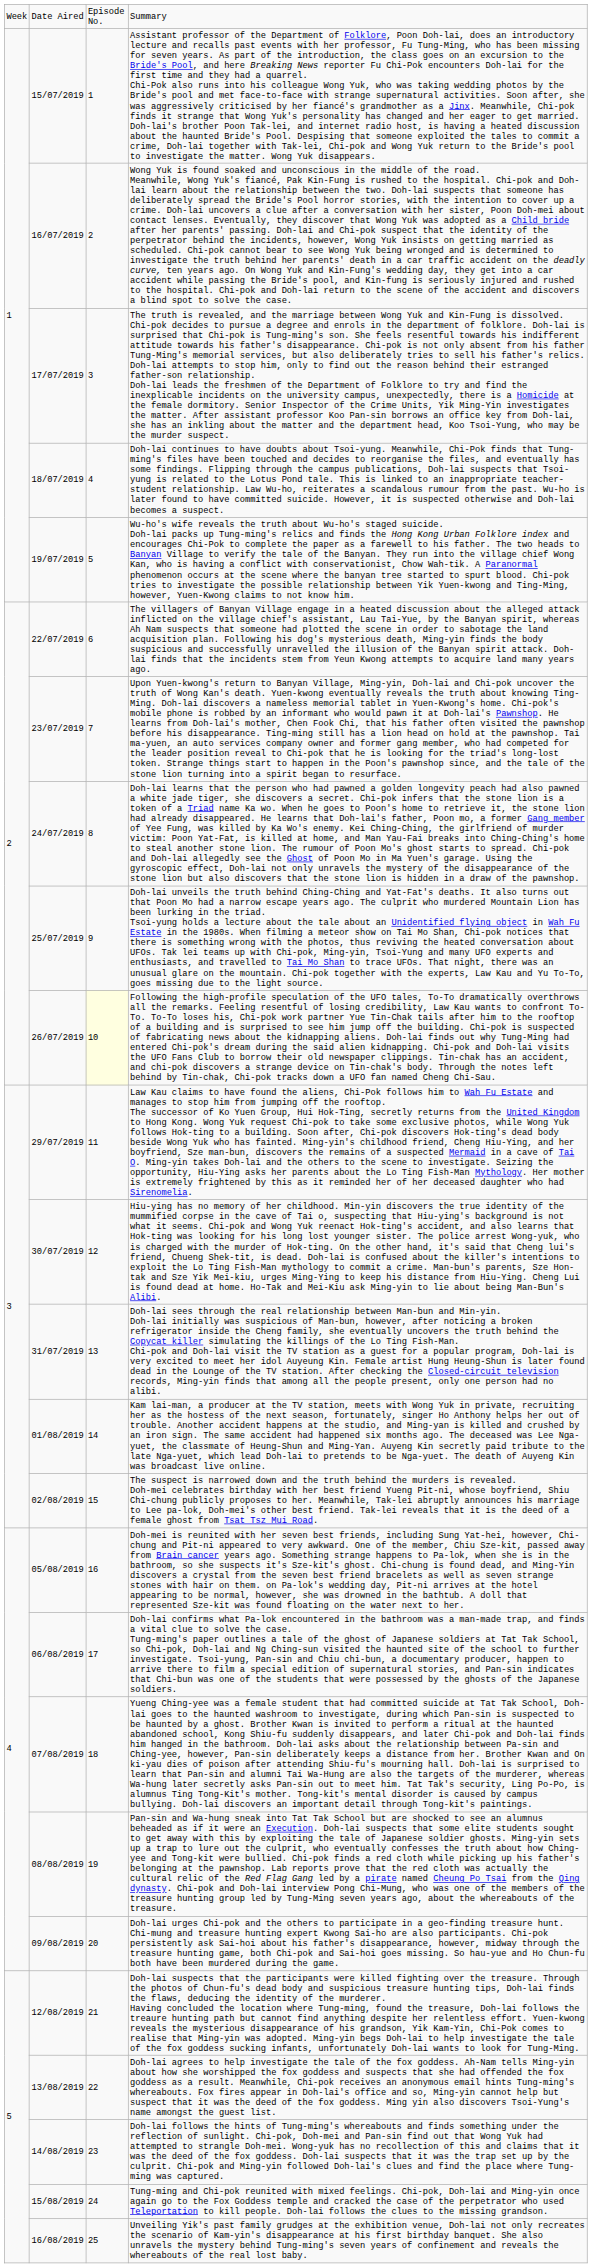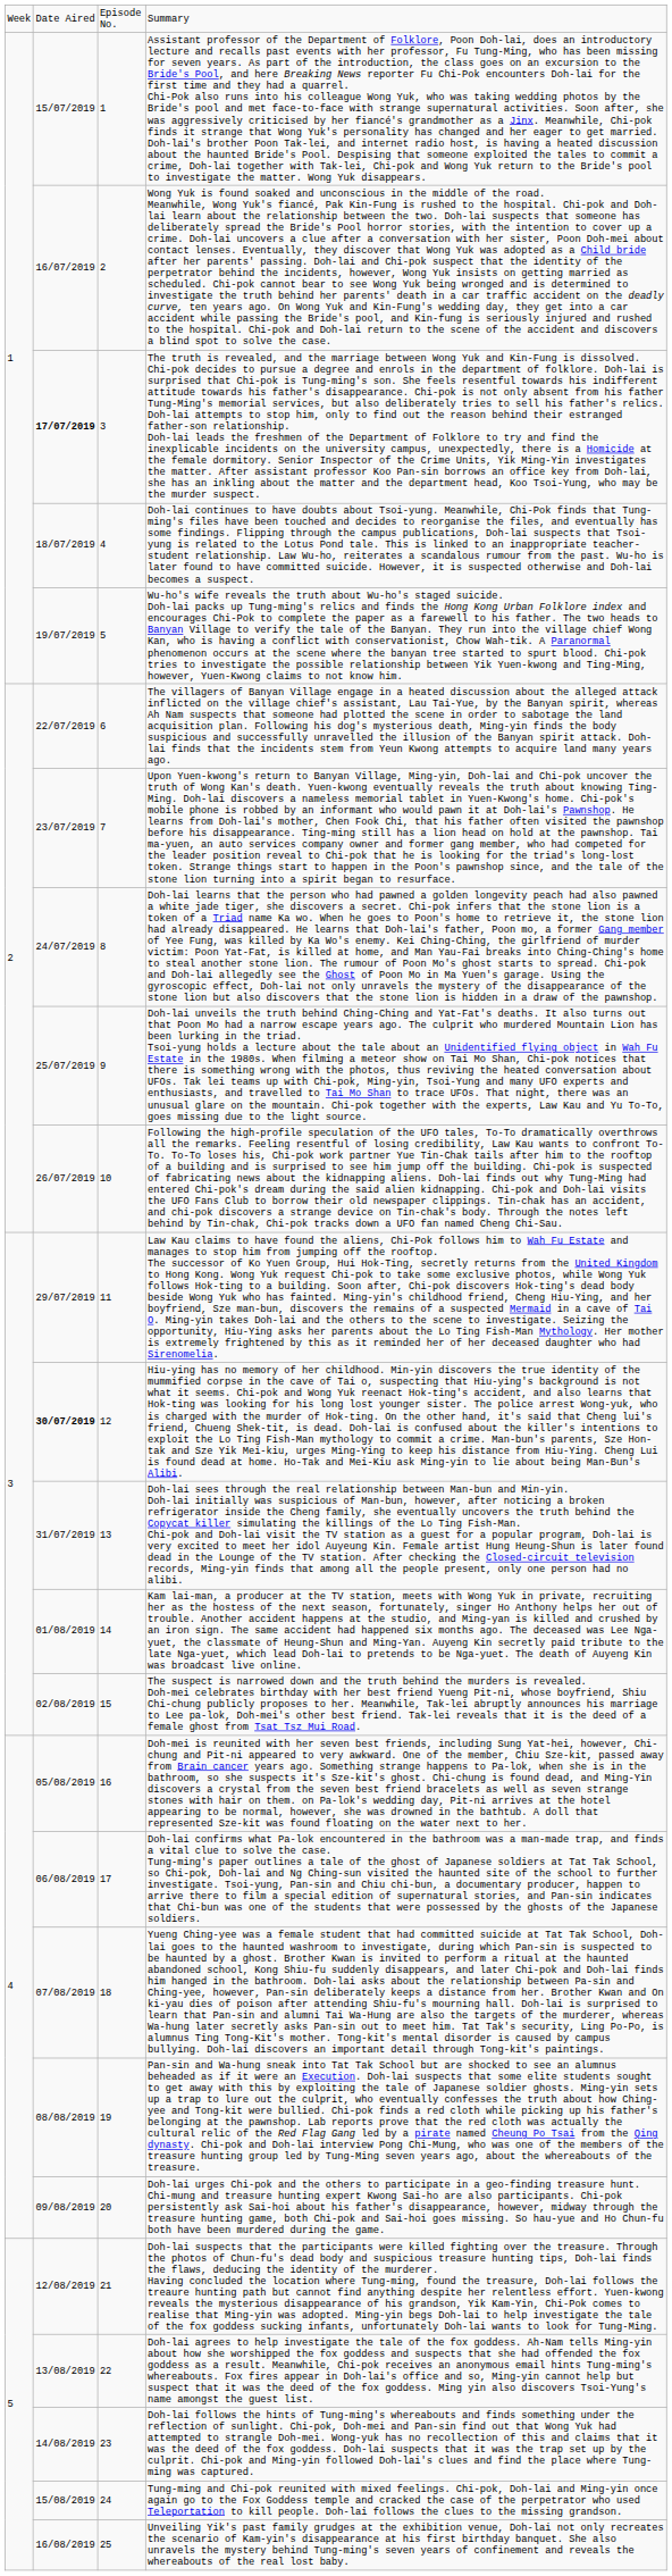 <table class="wikitable mw-collapsible">
 <tr>
 <td>Week</td>
 <td>Date Aired</td>
 <td>Episode No.</td>
 <td>Summary</td>
 </tr>
 <tr>
 <td rowspan="5">1</td>
 <td>15/07/2019</td>
 <td>1</td>
 <td>Assistant professor of the Department of <a href='#'>Folklore</a>, Poon Doh-lai, does an introductory lecture and recalls past events with her professor, Fu Tung-Ming, who has been missing for seven years. As part of the introduction, the class goes on an excursion to the <a href='#'>Bride's Pool</a>, and here <em>Breaking News</em> reporter Fu Chi-Pok encounters Doh-lai for the first time and they had a quarrel.<br>Chi-Pok also runs into his colleague Wong Yuk, who was taking wedding photos by the Bride's pool and met face-to-face with strange supernatural activities. Soon after, she was aggressively criticised by her fiancé's grandmother as a <a href='#'>Jinx</a>. Meanwhile, Chi-pok finds it strange that Wong Yuk's personality has changed and her eager to get married.  Doh-lai's brother Poon Tak-lei, and internet radio host, is having a heated discussion about the haunted Bride's Pool. Despising that someone exploited the tales to commit a crime, Doh-lai together with Tak-lei, Chi-pok and Wong Yuk return to the Bride's pool to investigate the matter. Wong Yuk disappears.</td>
 </tr>
 <tr>
 <td>16/07/2019</td>
 <td>2</td>
 <td>Wong Yuk is found soaked and unconscious in the middle of the road.<br>Meanwhile, Wong Yuk's fiancé, Pak Kin-Fung is rushed to the hospital. Chi-pok and Doh-lai learn about the relationship between the two. Doh-lai suspects that someone has deliberately spread the Bride's Pool horror stories, with the intention to cover up a crime. Doh-lai uncovers a clue after a conversation with her sister, Poon Doh-mei about contact lenses. Eventually, they discover that Wong Yuk was adopted as a <a href='#'>Child bride</a> after her parents' passing. Doh-lai and Chi-pok suspect that the identity of the perpetrator behind the incidents, however, Wong Yuk insists on getting married as scheduled. Chi-pok cannot bear to see Wong Yuk being wronged and is determined to investigate the truth behind her parents' death in a car traffic accident on the <em>deadly curve,</em> ten years ago<em>.</em> On Wong Yuk and Kin-Fung's wedding day, they get into a car accident while passing the Bride's pool, and Kin-fung is seriously injured and rushed to the hospital. Chi-pok and Doh-lai return to the scene of the accident and discovers a blind spot to solve the case.</td>
 </tr>
 <tr>
-<td>17/07/2019</td>
+<td><strong>17/07/2019</strong></td>
 <td>3</td>
 <td>The truth is revealed, and the marriage between Wong Yuk and Kin-Fung is dissolved. Chi-pok decides to pursue a degree and enrols in the department of folklore. Doh-lai is surprised that Chi-pok is Tung-ming's son. She feels resentful towards his indifferent attitude towards his father's disappearance. Chi-pok is not only absent from his father Tung-Ming's memorial services, but also deliberately tries to sell his father's relics. Doh-lai attempts to stop him, only to find out the reason behind their estranged father-son relationship.<br>Doh-lai leads the freshmen of the Department of Folklore to try and find the inexplicable incidents on the university campus, unexpectedly, there is a <a href='#'>Homicide</a> at the female dormitory. Senior Inspector of the Crime Units, Yik Ming-Yin investigates the matter. After assistant professor Koo Pan-sin borrows an office key from Doh-lai, she has an inkling about the matter and the department head, Koo Tsoi-Yung, who may be the murder suspect.</td>
 </tr>
 <tr>
 <td>18/07/2019</td>
 <td>4</td>
 <td>Doh-lai continues to have doubts about Tsoi-yung. Meanwhile, Chi-Pok finds that Tung-ming's files have been touched and decides to reorganise the files, and eventually has some findings. Flipping through the campus publications, Doh-lai suspects that Tsoi-yung is related to the Lotus Pond tale. This is linked to an inappropriate teacher-student relationship. Law Wu-ho, reiterates a scandalous rumour from the past. Wu-ho is later found to have committed suicide. However, it is suspected otherwise and Doh-lai becomes a suspect.</td>
 </tr>
 <tr>
 <td>19/07/2019</td>
 <td>5</td>
 <td>Wu-ho's wife reveals the truth about Wu-ho's staged suicide.<br>Doh-lai packs up Tung-ming's relics and finds the <em>Hong Kong Urban Folklore index</em> and encourages Chi-Pok to complete the paper as a farewell to his father. The two heads to <a href='#'>Banyan</a> Village to verify the tale of the Banyan. They run into the village chief Wong Kan, who is having a conflict with conservationist, Chow Wah-tik. A <a href='#'>Paranormal</a> phenomenon occurs at the scene where the banyan tree started to spurt blood. Chi-pok tries to investigate the possible relationship between Yik Yuen-kwong and Ting-Ming, however, Yuen-Kwong claims to not know him.</td>
 </tr>
 <tr>
 <td rowspan="5">2</td>
 <td>22/07/2019</td>
 <td>6</td>
 <td>The villagers of Banyan Village engage in a heated discussion about the alleged attack inflicted on the village chief's assistant, Lau Tai-Yue, by the Banyan spirit, whereas Ah Nam suspects that someone had plotted the scene in order to sabotage the land acquisition plan. Following his dog's mysterious death, Ming-yin finds the body suspicious and successfully unravelled the illusion of the Banyan spirit attack. Doh-lai finds that the incidents stem from Yeun Kwong attempts to acquire land many years ago.</td>
 </tr>
 <tr>
 <td>23/07/2019</td>
 <td>7</td>
 <td>Upon Yuen-kwong's return to Banyan Village, Ming-yin, Doh-lai and Chi-pok uncover the truth of Wong Kan's death. Yuen-kwong eventually reveals the truth about knowing Ting-Ming. Doh-lai discovers a nameless memorial tablet in Yuen-Kwong's home. Chi-pok's mobile phone is robbed by an informant who would pawn it at Doh-lai's <a href='#'>Pawnshop</a>. He learns from Doh-lai's mother, Chen Fook Chi, that his father often visited the pawnshop before his disappearance. Ting-ming still has a lion head on hold at the pawnshop. Tai ma-yuen, an auto services company owner and former gang member, who had competed for the leader position reveal to Chi-pok that he is looking for the triad's long-lost token. Strange things start to happen in the Poon's pawnshop since, and the tale of the stone lion turning into a spirit began to resurface.</td>
 </tr>
 <tr>
 <td>24/07/2019</td>
 <td>8</td>
 <td>Doh-lai learns that the person who had pawned a golden longevity peach had also pawned a white jade tiger, she discovers a secret. Chi-pok infers that the stone lion is a token of a <a href='#'>Triad</a> name Ka wo. When he goes to Poon's home to retrieve it, the stone lion had already disappeared. He learns that Doh-lai's father, Poon mo, a former <a href='#'>Gang member</a> of Yee Fung, was killed by Ka Wo's enemy. Kei Ching-Ching, the girlfriend of murder victim: Poon Yat-Fat, is killed at home, and Man Yau-Fai breaks into Ching-Ching's home to steal another stone lion. The rumour of Poon Mo's ghost starts to spread. Chi-pok and Doh-lai allegedly see the <a href='#'>Ghost</a> of Poon Mo in Ma Yuen's garage. Using the gyroscopic effect, Doh-lai not only unravels the mystery of the disappearance of the stone lion but also discovers that the stone lion is hidden in a draw of the pawnshop.</td>
 </tr>
 <tr>
 <td>25/07/2019</td>
 <td>9</td>
 <td>Doh-lai unveils the truth behind Ching-Ching and Yat-Fat's deaths. It also turns out that Poon Mo had a narrow escape years ago. The culprit who murdered Mountain Lion has been lurking in the triad.<br>Tsoi-yung holds a lecture about the tale about an <a href='#'>Unidentified flying object</a> in <a href='#'>Wah Fu Estate</a> in the 1980s. When filming a meteor show on Tai Mo Shan, Chi-pok notices that there is something wrong with the photos, thus reviving the heated conversation about UFOs. Tak lei teams up with Chi-pok, Ming-yin, Tsoi-Yung and many UFO experts and enthusiasts, and travelled to <a href='#'>Tai Mo Shan</a> to trace UFOs. That night, there was an unusual glare on the mountain. Chi-pok together with the experts, Law Kau and Yu To-To, goes missing due to the light source.</td>
 </tr>
 <tr>
 <td>26/07/2019</td>
-<td style="background: lightyellow;">10</td>
+<td>10</td>
 <td>Following the high-profile speculation of the UFO tales, To-To dramatically overthrows all the remarks. Feeling resentful of losing credibility, Law Kau wants to confront To-To. To-To loses his, Chi-pok work partner Yue Tin-Chak tails after him to the rooftop of a building and is surprised to see him jump off the building. Chi-pok is suspected of fabricating news about the kidnapping aliens. Doh-lai finds out why Tung-Ming had entered Chi-pok's dream during the said alien kidnapping. Chi-pok and Doh-lai visits the UFO Fans Club to borrow their old newspaper clippings. Tin-chak has an accident, and chi-pok discovers a strange device on Tin-chak's body. Through the notes left behind by Tin-chak, Chi-pok tracks down a UFO fan named Cheng Chi-Sau.</td>
 </tr>
 <tr>
 <td rowspan="5">3</td>
 <td>29/07/2019</td>
 <td>11</td>
 <td>Law Kau claims to have found the aliens, Chi-Pok follows him to <a href='#'>Wah Fu Estate</a> and manages to stop him from jumping off the rooftop.<br>The successor of Ko Yuen Group, Hui Hok-Ting, secretly returns from the <a href='#'>United Kingdom</a> to Hong Kong. Wong Yuk request Chi-pok to take some exclusive photos, while Wong Yuk follows Hok-ting to a building. Soon after, Chi-pok discovers Hok-ting's dead body beside Wong Yuk who has fainted. Ming-yin's childhood friend, Cheng Hiu-Ying, and her boyfriend, Sze man-bun, discovers the remains of a suspected <a href='#'>Mermaid</a> in a cave of <a href='#'>Tai O</a>. Ming-yin takes Doh-lai and the others to the scene to investigate. Seizing the opportunity, Hiu-Ying asks her parents about the Lo Ting Fish-Man <a href='#'>Mythology</a>. Her mother is extremely frightened by this as it reminded her of her deceased daughter who had <a href='#'>Sirenomelia</a>.</td>
 </tr>
 <tr>
-<td>30/07/2019</td>
+<td><strong>30/07/2019</strong></td>
 <td>12</td>
 <td>Hiu-ying has no memory of her childhood. Min-yin discovers the true identity of the mummified corpse in the cave of Tai o, suspecting that Hiu-ying's background is not what it seems. Chi-pok and Wong Yuk reenact Hok-ting's accident, and also learns that Hok-ting was looking for his long lost younger sister. The police arrest Wong-yuk, who is charged with the murder of Hok-ting. On the other hand, it's said that Cheng lui's friend, Chueng Shek-tit, is dead. Doh-lai is confused about the killer's intentions to exploit the Lo Ting Fish-Man mythology to commit a crime. Man-bun's parents, Sze Hon-tak and Sze Yik Mei-kiu, urges Ming-Ying to keep his distance from Hiu-Ying. Cheng Lui is found dead at home. Ho-Tak and Mei-Kiu ask Ming-yin to lie about being Man-Bun's <a href='#'>Alibi</a>.</td>
 </tr>
 <tr>
 <td>31/07/2019</td>
 <td>13</td>
 <td>Doh-lai sees through the real relationship between Man-bun and Min-yin.<br>Doh-lai initially was suspicious of Man-bun, however, after noticing a broken refrigerator inside the Cheng family, she eventually uncovers the truth behind the <a href='#'>Copycat killer</a> simulating the killings of the Lo Ting Fish-Man.<br>Chi-pok and Doh-lai visit the TV station as a guest for a popular program, Doh-lai is very excited to meet her idol Auyeung Kin. Female artist Hung Heung-Shun is later found dead in the Lounge of the TV station. After checking the <a href='#'>Closed-circuit television</a> records, Ming-yin finds that among all the people present, only one person had no alibi.</td>
 </tr>
 <tr>
 <td>01/08/2019</td>
 <td>14</td>
 <td>Kam lai-man, a producer at the TV station, meets with Wong Yuk in private, recruiting her as the hostess of the next season, fortunately, singer Ho Anthony helps her out of trouble. Another accident happens at the studio, and Ming-yan is killed and crushed by an iron sign. The same accident had happened six months ago. The deceased was Lee Nga-yuet, the classmate of Heung-Shun and Ming-Yan. Auyeng Kin secretly paid tribute to the late Nga-yuet, which lead Doh-lai to pretends to be Nga-yuet. The death of Auyeng Kin was broadcast live online.</td>
 </tr>
 <tr>
 <td>02/08/2019</td>
 <td>15</td>
 <td>The suspect is narrowed down and the truth behind the murders is revealed.<br>Doh-mei celebrates birthday with her best friend Yueng Pit-ni, whose boyfriend, Shiu Chi-chung publicly proposes to her. Meanwhile, Tak-lei abruptly announces his marriage to Lee pa-lok, Doh-mei's other best friend. Tak-lei reveals that it is the deed of a female ghost from <a href='#'>Tsat Tsz Mui Road</a>.</td>
 </tr>
 <tr>
 <td rowspan="5">4</td>
 <td>05/08/2019</td>
 <td>16</td>
 <td>Doh-mei is reunited with her seven best friends, including Sung Yat-hei, however, Chi-chung and Pit-ni appeared to very awkward. One of the member, Chiu Sze-kit, passed away from <a href='#'>Brain cancer</a> years ago. Something strange happens to Pa-lok, when she is in the bathroom, so she suspects it's Sze-kit's ghost. Chi-chung is found dead, and Ming-Yin discovers a crystal from the seven best friend bracelets as well as seven strange stones with hair on them. on Pa-lok's wedding day, Pit-ni arrives at the hotel appearing to be normal, however, she was drowned in the bathtub. A doll that represented Sze-kit was found floating on the water next to her.</td>
 </tr>
 <tr>
 <td>06/08/2019</td>
 <td>17</td>
 <td>Doh-lai confirms what Pa-lok encountered in the bathroom was a man-made trap, and finds a vital clue to solve the case.<br>Tung-ming's paper outlines a tale of the ghost of Japanese soldiers at Tat Tak School, so Chi-pok, Doh-lai and Ng Ching-sun visited the haunted site of the school to further investigate. Tsoi-yung, Pan-sin and Chiu chi-bun, a documentary producer, happen to arrive there to film a special edition of supernatural stories, and Pan-sin indicates that Chi-bun was one of the students that were possessed by the ghosts of the Japanese soldiers.</td>
 </tr>
 <tr>
 <td>07/08/2019</td>
 <td>18</td>
 <td>Yueng Ching-yee was a female student that had committed suicide at Tat Tak School, Doh-lai goes to the haunted washroom to investigate, during which Pan-sin is suspected to be haunted by a ghost. Brother Kwan is invited to perform a ritual at the haunted abandoned school, Kong Shiu-fu suddenly disappears, and later Chi-pok and Doh-lai finds him hanged in the bathroom. Doh-lai asks about the relationship between Pa-sin and Ching-yee, however, Pan-sin deliberately keeps a distance from her. Brother Kwan and On ki-yau dies of poison after attending Shiu-fu's mourning hall. Doh-lai is surprised to learn that Pan-sin and alumni Tai Wa-Hung are also the targets of the murderer, whereas Wa-hung later secretly asks Pan-sin out to meet him. Tat Tak's security, Ling Po-Po, is alumnus Ting Tong-Kit's mother. Tong-kit's mental disorder is caused by campus bullying. Doh-lai discovers an important detail through Tong-kit's paintings.</td>
 </tr>
 <tr>
 <td>08/08/2019</td>
 <td>19</td>
 <td>Pan-sin and Wa-hung sneak into Tat Tak School but are shocked to see an alumnus beheaded as if it were an <a href='#'>Execution</a>. Doh-lai suspects that some elite students sought to get away with this by exploiting the tale of Japanese soldier ghosts. Ming-yin sets up a trap to lure out the culprit, who eventually confesses the truth about how Ching-yee and Tong-kit were bullied. Chi-pok finds a red cloth while picking up his father's belonging at the pawnshop. Lab reports prove that the red cloth was actually the cultural relic of the <em>Red Flag Gang</em> led by a <a href='#'>pirate</a> named <a href='#'>Cheung Po Tsai</a> from the <a href='#'>Qing dynasty</a>. Chi-pok and Doh-lai interview Pong Chi-Mung, who was one of the members of the treasure hunting group led by Tung-Ming seven years ago, about the whereabouts of the treasure.</td>
 </tr>
 <tr>
 <td>09/08/2019</td>
 <td>20</td>
 <td>Doh-lai urges Chi-pok and the others to participate in a geo-finding treasure hunt. Chi-mung and treasure hunting expert Kwong Sai-ho are also participants. Chi-pok persistently ask Sai-hoi about his father's disappearance, however, midway through the treasure hunting game, both Chi-pok and Sai-hoi goes missing. So hau-yue and Ho Chun-fu both have been murdered during the game.</td>
 </tr>
 <tr>
 <td rowspan="5">5</td>
 <td>12/08/2019</td>
 <td>21</td>
 <td>Doh-lai suspects that the participants were killed fighting over the treasure. Through the photos of Chun-fu's dead body and suspicious treasure hunting tips, Doh-lai finds the flaws, deducing the identity of the murderer.<br>Having concluded the location where Tung-ming, found the treasure, Doh-lai follows the treaure hunting path but cannot find anything despite her relentless effort. Yuen-kwong reveals the mysterious disappearance of his grandson, Yik Kam-Yin, Chi-Pok comes to realise that Ming-yin was adopted. Ming-yin begs Doh-lai to help investigate the tale of the fox goddess sucking infants, unfortunately Doh-lai wants to look for Tung-Ming.</td>
 </tr>
 <tr>
 <td>13/08/2019</td>
 <td>22</td>
 <td>Doh-lai agrees to help investigate the tale of the fox goddess. Ah-Nam tells Ming-yin about how she worshipped the fox goddess and suspects that she had offended the fox goddess as a result. Meanwhile, Chi-pok receives an anonymous email hints Tung-ming's whereabouts. Fox fires appear in Doh-lai's office and so, Ming-yin cannot help but suspect that it was the deed of the fox goddess. Ming yin also discovers Tsoi-Yung's name amongst the guest list.</td>
 </tr>
 <tr>
 <td>14/08/2019</td>
 <td>23</td>
 <td>Doh-lai follows the hints of Tung-ming's whereabouts and finds something under the reflection of sunlight. Chi-pok, Doh-mei and Pan-sin find out that Wong Yuk had attempted to strangle Doh-mei. Wong-yuk has no recollection of this and claims that it was the deed of the fox goddess. Doh-lai suspects that it was the trap set up by the culprit. Chi-pok and Ming-yin followed Doh-lai's clues and find the place where Tung-ming was captured.</td>
 </tr>
 <tr>
 <td>15/08/2019</td>
 <td>24</td>
 <td>Tung-ming and Chi-pok reunited with mixed feelings. Chi-pok, Doh-lai and Ming-yin once again go to the Fox Goddess temple and cracked the case of the perpetrator who used <a href='#'>Teleportation</a> to kill people. Doh-lai follows the clues to the missing grandson.</td>
 </tr>
 <tr>
 <td>16/08/2019</td>
 <td>25</td>
 <td>Unveiling Yik's past family grudges at the exhibition venue, Doh-lai not only recreates the scenario of Kam-yin's disappearance at his first birthday banquet. She also unravels the mystery behind Tung-ming's seven years of confinement and reveals the whereabouts of the real lost baby.</td>
 </tr>
 </table>
